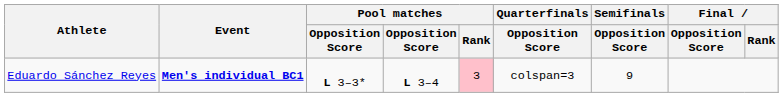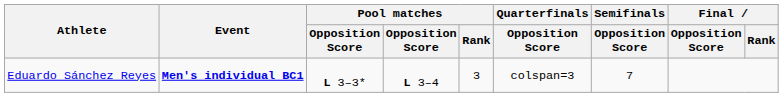 <table class=wikitable style="font-size:90%">
 <tr>
 <th rowspan="2">Athlete</th>
 <th rowspan="2">Event</th>
 <th colspan="3">Pool matches</th>
 <th>Quarterfinals</th>
 <th>Semifinals</th>
 <th colspan=2>Final / </th>
 </tr>
 <tr>
 <th>Opposition<br>Score</th>
 <th>Opposition<br>Score</th>
 <th>Rank</th>
 <th>Opposition<br>Score</th>
 <th>Opposition<br>Score</th>
 <th>Opposition<br>Score</th>
 <th>Rank</th>
 </tr>
 <tr align=center>
 <td align=left><a href='#'>Eduardo Sánchez Reyes</a></td>
 <td align=left><strong><a href='#'>Men's individual BC1</a></strong></td>
 <td><br><strong>L</strong> 3–3*</td>
 <td><br><strong>L</strong> 3–4</td>
-<td style="background: pink;">3</td>
+<td>3</td>
 <td>colspan=3</td>
-<td>9</td>
+<td>7</td>
 </tr>
 </table>
